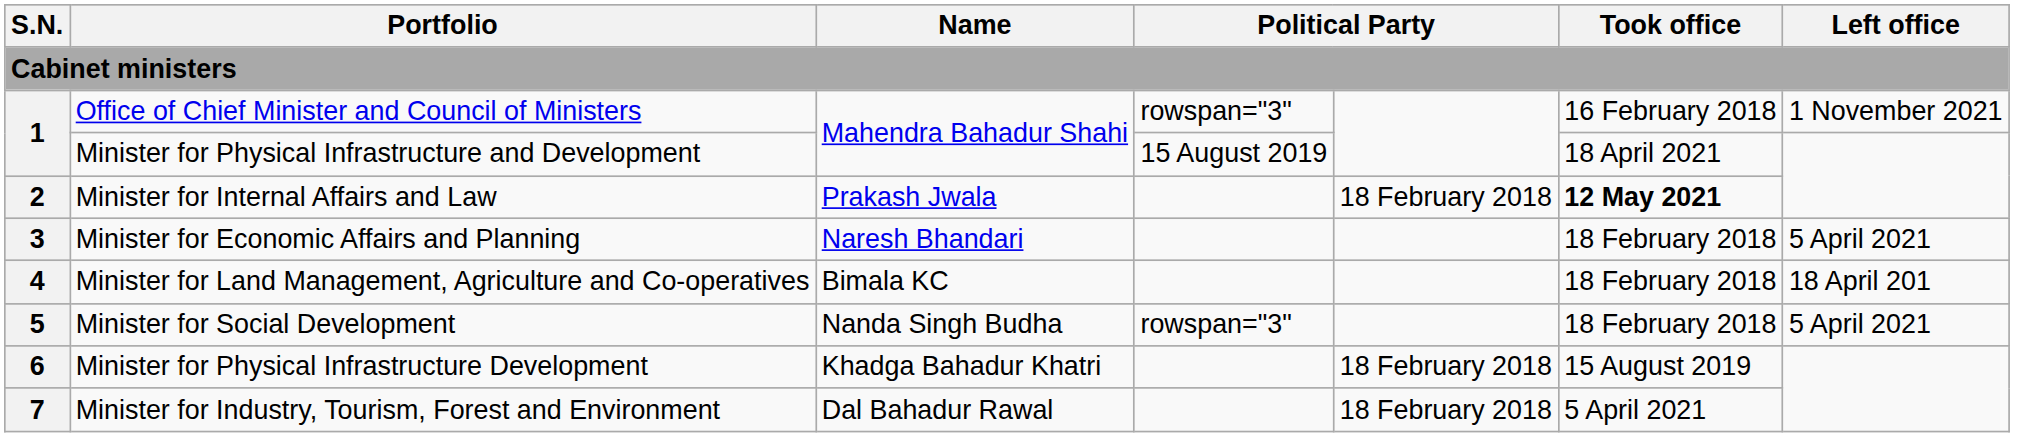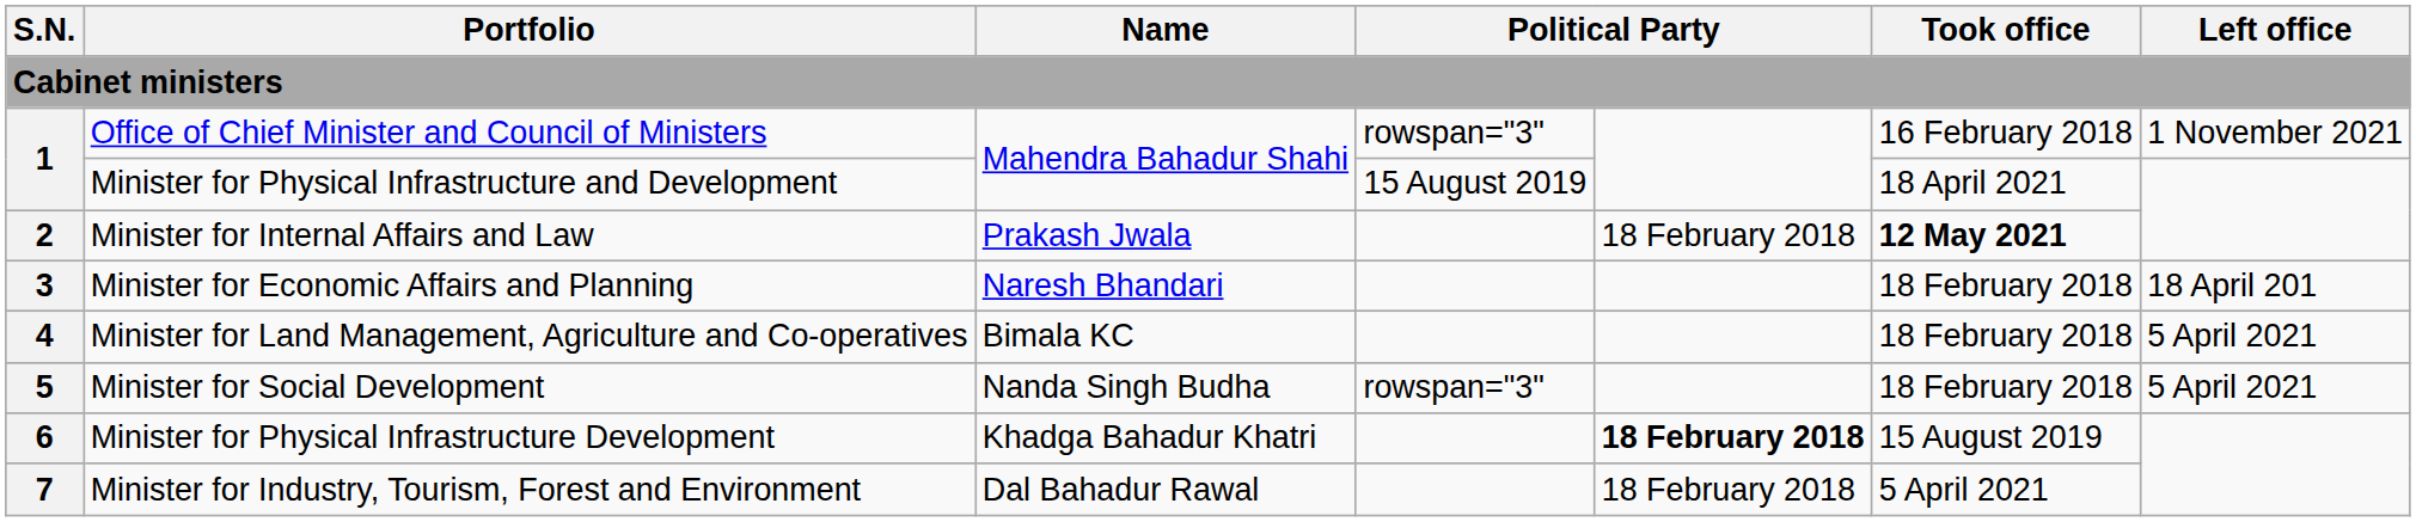 <table class="wikitable">
 <tr>
 <th>S.N.</th>
 <th>Portfolio</th>
 <th>Name<br></th>
 <th colspan="2">Political Party</th>
 <th>Took office</th>
 <th>Left office</th>
 </tr>
 <tr>
 <td colspan="7" bgcolor="darkgrey"><strong>Cabinet ministers</strong></td>
 </tr>
 <tr>
 <th rowspan="2">1</th>
 <td><a href='#'>Office of Chief Minister and Council of Ministers</a></td>
 <td rowspan="2"><a href='#'>Mahendra Bahadur Shahi</a><br></td>
 <td>rowspan="3" </td>
 <td rowspan="2"></td>
 <td>16 February 2018</td>
 <td>1 November 2021</td>
 </tr>
 <tr>
 <td>Minister for Physical Infrastructure and Development</td>
 <td>15 August 2019</td>
 <td>18 April 2021</td>
 </tr>
 <tr>
 <th>2</th>
 <td>Minister for Internal Affairs and Law</td>
 <td><a href='#'>Prakash Jwala</a><br></td>
 <td></td>
 <td>18 February 2018</td>
 <td><strong>12 May 2021</strong></td>
 </tr>
 <tr>
 <th>3</th>
 <td>Minister for Economic Affairs and Planning</td>
 <td><a href='#'>Naresh Bhandari</a><br></td>
 <td></td>
 <td></td>
 <td>18 February 2018</td>
-<td>5 April 2021</td>
+<td>18 April 201</td>
 </tr>
 <tr>
 <th>4</th>
 <td>Minister for Land Management, Agriculture and Co-operatives</td>
 <td>Bimala KC<br></td>
 <td></td>
 <td></td>
 <td>18 February 2018</td>
-<td>18 April 201</td>
+<td>5 April 2021</td>
 </tr>
 <tr>
 <th>5</th>
 <td>Minister for Social Development</td>
 <td>Nanda Singh Budha<br></td>
 <td>rowspan="3" </td>
 <td></td>
 <td>18 February 2018</td>
 <td>5 April 2021</td>
 </tr>
 <tr>
 <th>6</th>
 <td>Minister for Physical Infrastructure Development</td>
 <td>Khadga Bahadur Khatri<br></td>
 <td></td>
-<td>18 February 2018</td>
+<td><strong>18 February 2018</strong></td>
 <td>15 August 2019</td>
 </tr>
 <tr>
 <th>7</th>
 <td>Minister for Industry, Tourism, Forest and Environment</td>
 <td>Dal Bahadur Rawal<br></td>
 <td></td>
 <td>18 February 2018</td>
 <td>5 April 2021</td>
 </tr>
 </table>
